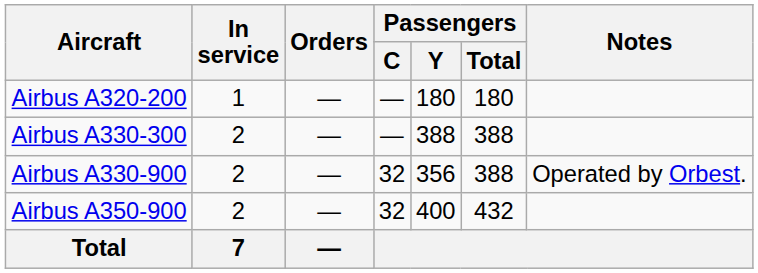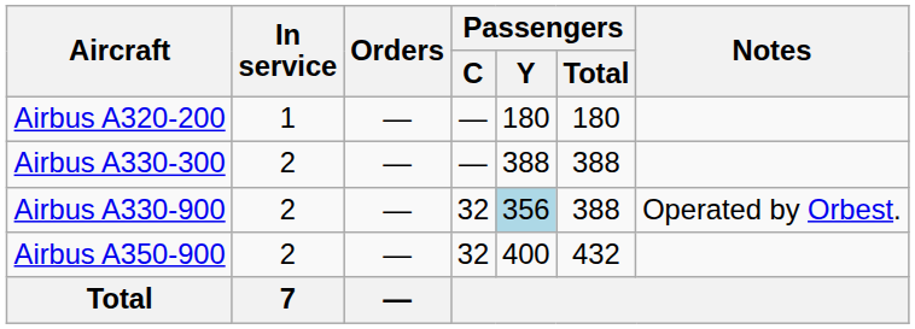 <table class="wikitable" style="border-collapse:collapse;text-align:center; margin-left: auto; margin-right: auto; border: none;">
 <tr>
 <th rowspan="2">Aircraft</th>
 <th rowspan="2">In<br>service</th>
 <th rowspan="2">Orders</th>
 <th colspan="3">Passengers</th>
 <th rowspan="2">Notes</th>
 </tr>
 <tr>
 <th><abbr>C</abbr></th>
 <th><abbr>Y</abbr></th>
 <th>Total</th>
 </tr>
 <tr>
 <td><a href='#'>Airbus A320-200</a></td>
 <td>1</td>
 <td>—</td>
 <td>—</td>
 <td>180</td>
 <td>180</td>
 <td></td>
 </tr>
 <tr>
 <td><a href='#'>Airbus A330-300</a></td>
 <td>2</td>
 <td>—</td>
 <td>—</td>
 <td>388</td>
 <td>388</td>
 <td></td>
 </tr>
 <tr>
 <td><a href='#'>Airbus A330-900</a></td>
 <td>2</td>
 <td>—</td>
 <td>32</td>
-<td>356</td>
+<td style="background: lightblue;">356</td>
 <td>388</td>
 <td>Operated by <a href='#'>Orbest</a>.</td>
 </tr>
 <tr>
 <td><a href='#'>Airbus A350-900</a></td>
 <td>2</td>
 <td>—</td>
 <td>32</td>
 <td>400</td>
 <td>432</td>
 <td></td>
 </tr>
 <tr>
 <th>Total</th>
 <th>7</th>
 <th>—</th>
 <th colspan="4"></th>
 </tr>
 </table>
